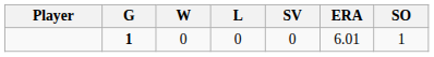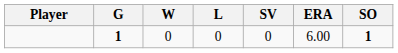 <table class="wikitable sortable">
 <tr>
 <th bgcolor="#DDDDFF" width="16%">Player</th>
 <th bgcolor="#DDDDFF" width="9%">G</th>
 <th bgcolor="#DDDDFF" width="9%">W</th>
 <th bgcolor="#DDDDFF" width="9%">L</th>
 <th bgcolor="#DDDDFF" width="9%">SV</th>
 <th bgcolor="#DDDDFF" width="9%">ERA</th>
 <th bgcolor="#DDDDFF" width="9%">SO</th>
 </tr>
 <tr align="center">
 <td></td>
 <td><strong>1</strong></td>
 <td>0</td>
 <td>0</td>
 <td>0</td>
-<td>6.01</td>
-<td>1</td>
+<td>6.00</td>
+<td><strong>1</strong></td>
 </tr>
 </table>
